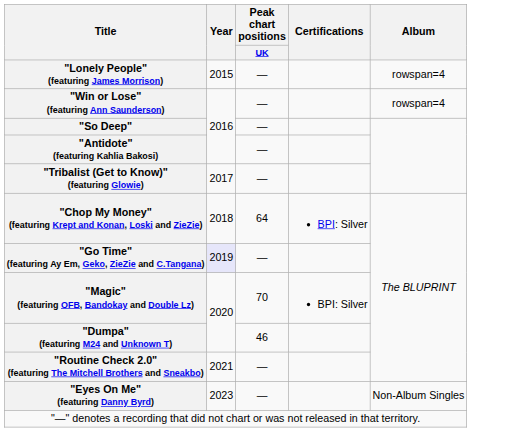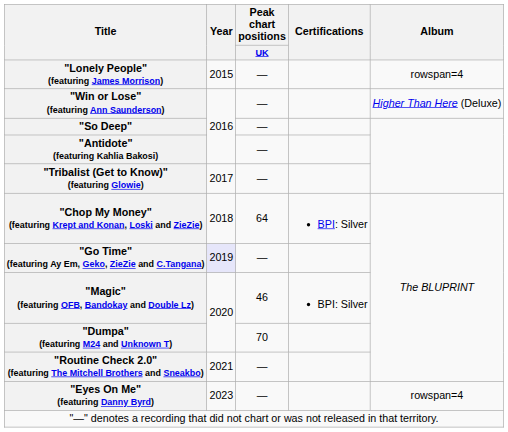 <table class="wikitable mw-collapsible plainrowheaders" style="text-align:center;">
 <tr>
 <th scope="col" rowspan="2">Title</th>
 <th scope="col" rowspan="2">Year</th>
 <th scope="col" colspan="1">Peak chart positions</th>
 <th scope="col" rowspan="2">Certifications</th>
 <th scope="col" rowspan="2">Album</th>
 </tr>
 <tr>
 <th scope="col" style="width:3em;font-size:85%;"><a href='#'>UK</a><br></th>
 </tr>
 <tr>
 <th scope="row">"Lonely People"<br><small>(featuring <a href='#'>James Morrison</a>)</small></th>
 <td>2015</td>
 <td>—</td>
 <td></td>
 <td>rowspan=4 </td>
 </tr>
 <tr>
 <th scope="row">"Win or Lose"<br><small>(featuring <a href='#'>Ann Saunderson</a>)</small></th>
 <td rowspan=3>2016</td>
 <td>—</td>
 <td></td>
-<td>rowspan=4 </td>
+<td><em><a href='#'>Higher Than Here</a></em> (Deluxe)</td>
 </tr>
 <tr>
 <th scope="row">"So Deep"</th>
 <td>—</td>
 <td></td>
 </tr>
 <tr>
 <th scope="row">"Antidote"<br><small>(featuring Kahlia Bakosi)</small></th>
 <td>—</td>
 <td></td>
 </tr>
 <tr>
 <th scope="row">"Tribalist (Get to Know)"<br><small>(featuring <a href='#'>Glowie</a>)</small></th>
 <td>2017</td>
 <td>—</td>
 <td></td>
 </tr>
 <tr>
 <th scope="row">"Chop My Money"<br><small>(featuring <a href='#'>Krept and Konan</a>, <a href='#'>Loski</a> and <a href='#'>ZieZie</a>)</small></th>
 <td>2018</td>
 <td>64</td>
 <td><br><ul><li><a href='#'>BPI</a>: Silver</li></ul></td>
 <td rowspan="5"><em>The BLUPRINT</em></td>
 </tr>
 <tr>
 <th scope="row">"Go Time"<br><small>(featuring Ay Em, <a href='#'>Geko</a>, <a href='#'>ZieZie</a> and <a href='#'>C.Tangana</a>)</small></th>
 <td style="background: lavender;">2019</td>
 <td>—</td>
 <td></td>
 </tr>
 <tr>
 <th scope="row">"Magic"<br><small>(featuring <a href='#'>OFB</a>, <a href='#'>Bandokay</a> and <a href='#'>Double Lz</a>)</small></th>
 <td rowspan="2">2020</td>
-<td>70</td>
+<td>46</td>
 <td><br><ul><li>BPI: Silver</li></ul></td>
 </tr>
 <tr>
 <th scope="row">"Dumpa"<br><small>(featuring <a href='#'>M24</a> and <a href='#'>Unknown T</a>)</small></th>
-<td>46</td>
+<td>70</td>
 <td></td>
 </tr>
 <tr>
 <th scope="row">"Routine Check 2.0"<br><small>(featuring <a href='#'>The Mitchell Brothers</a> and <a href='#'>Sneakbo</a>)</small></th>
 <td>2021</td>
 <td>—</td>
 <td></td>
 </tr>
 <tr>
 <th scope="row">"Eyes On Me"<br><small>(featuring <a href='#'>Danny Byrd</a>)</small></th>
 <td>2023</td>
 <td>—</td>
 <td></td>
-<td>Non-Album Singles</td>
+<td>rowspan=4 </td>
 </tr>
 <tr>
 <td colspan="5">"—" denotes a recording that did not chart or was not released in that territory.</td>
 </tr>
 </table>
